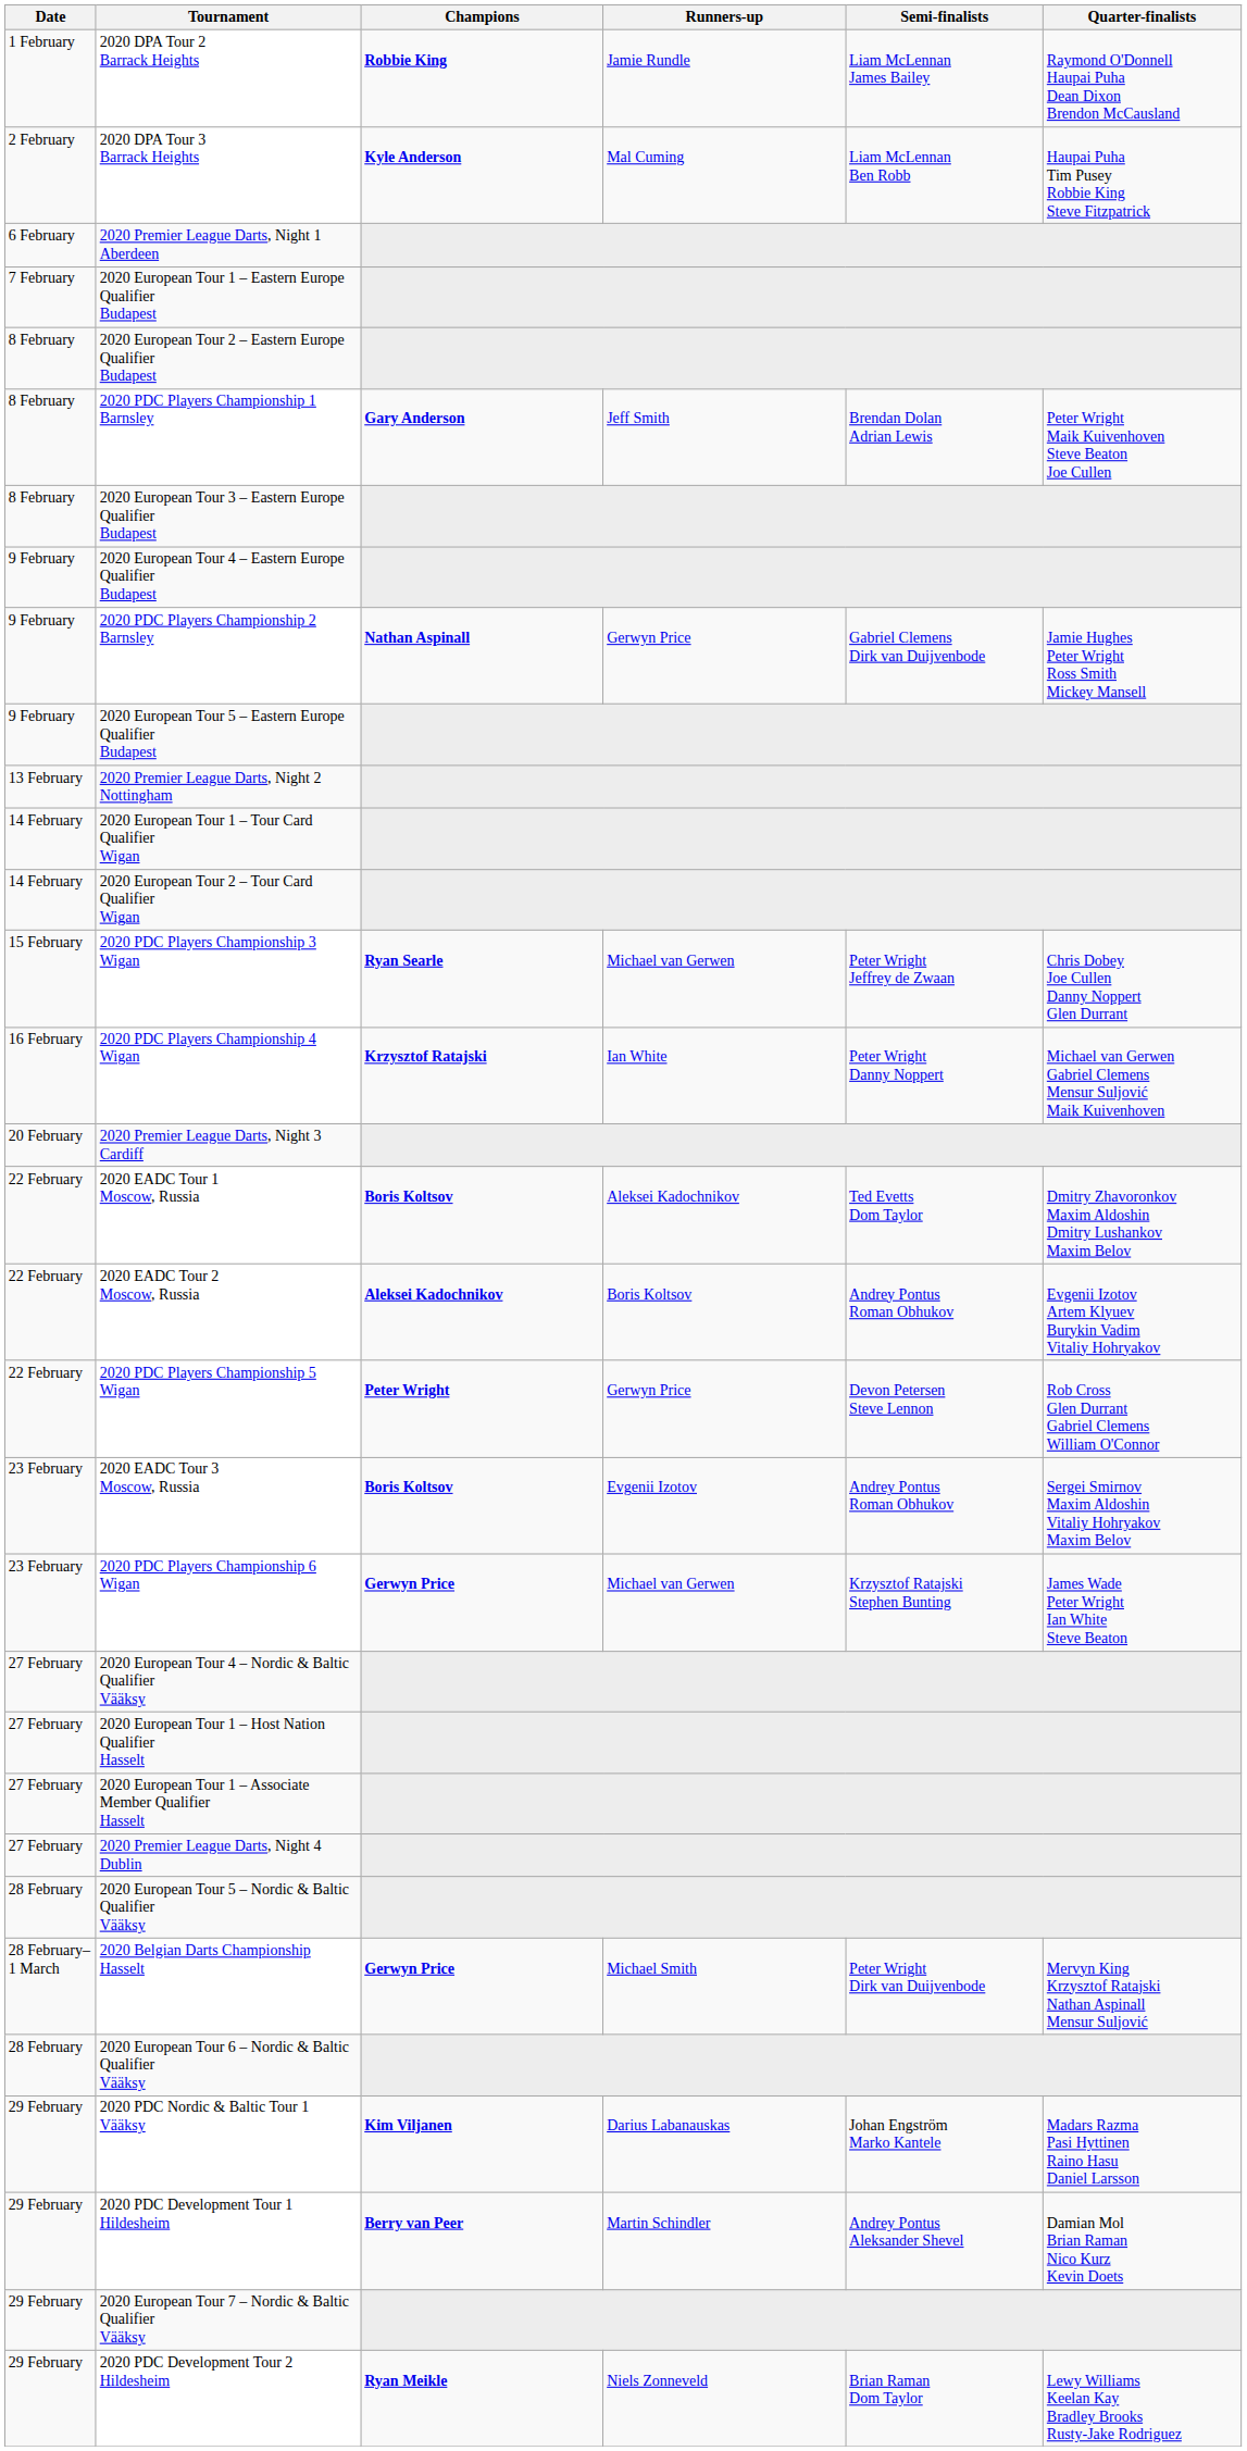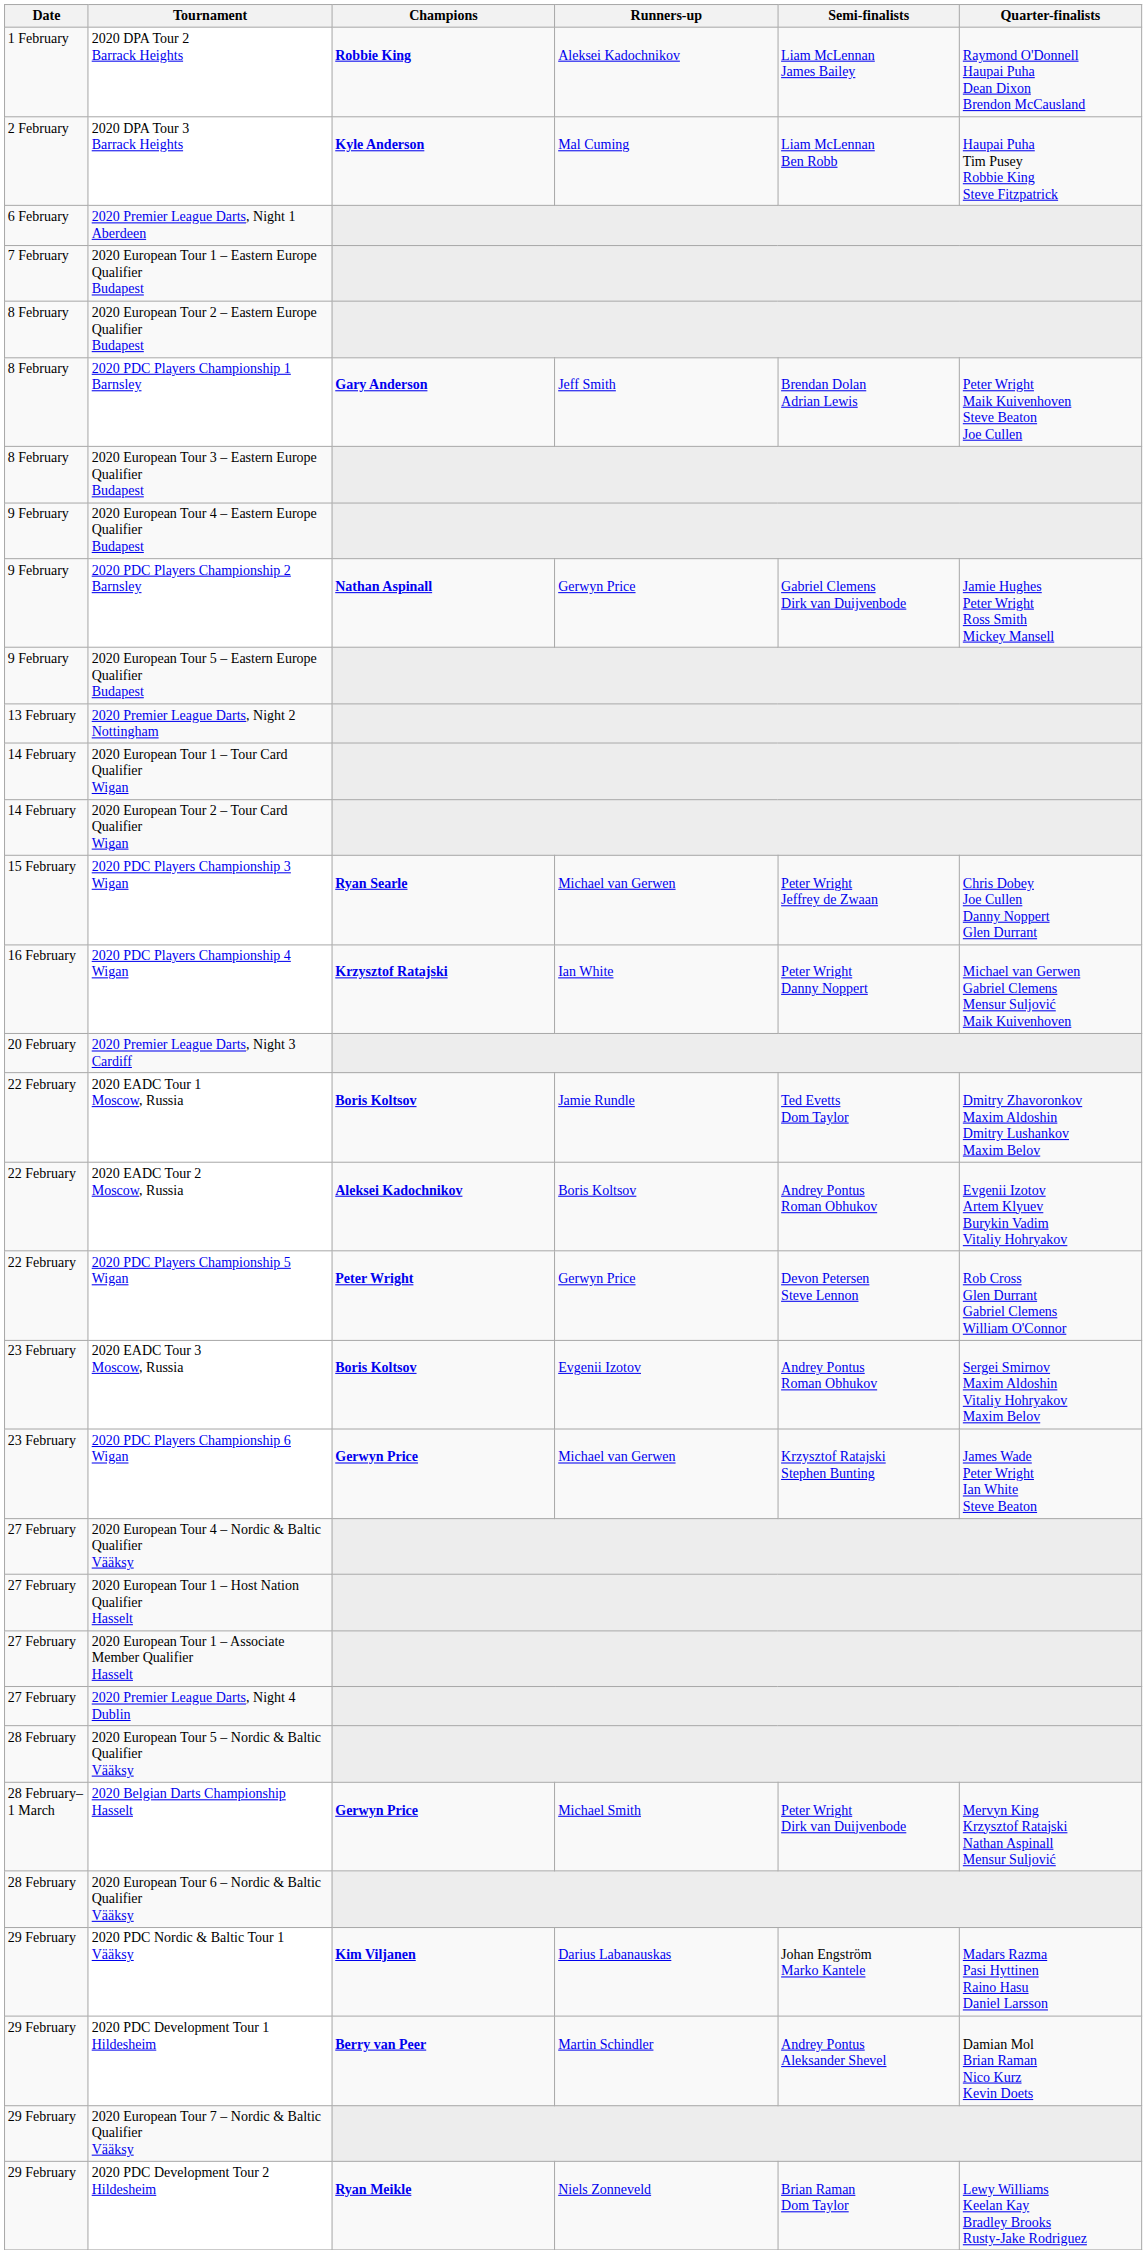 <table class=wikitable style=font-size:85%>
 <tr>
 <th width=75>Date</th>
 <th width=230>Tournament</th>
 <th width=210>Champions</th>
 <th width=210>Runners-up</th>
 <th width=170>Semi-finalists</th>
 <th width=170>Quarter-finalists</th>
 </tr>
 <tr valign="top">
 <td>1 February</td>
 <td bgcolor="#ffffff">2020 DPA Tour 2<br> <a href='#'>Barrack Heights</a></td>
 <td><br> <strong><a href='#'>Robbie King</a></strong></td>
-<td><br> <a href='#'>Jamie Rundle</a></td>
+<td><br> <a href='#'>Aleksei Kadochnikov</a></td>
 <td><br> <a href='#'>Liam McLennan</a> <br>  <a href='#'>James Bailey</a></td>
 <td><br> <a href='#'>Raymond O'Donnell</a> <br>  <a href='#'>Haupai Puha</a> <br>  <a href='#'>Dean Dixon</a> <br>  <a href='#'>Brendon McCausland</a></td>
 </tr>
 <tr valign="top">
 <td>2 February</td>
 <td bgcolor="#ffffff">2020 DPA Tour 3<br> <a href='#'>Barrack Heights</a></td>
 <td><br> <strong><a href='#'>Kyle Anderson</a></strong></td>
 <td><br> <a href='#'>Mal Cuming</a></td>
 <td><br> <a href='#'>Liam McLennan</a> <br>  <a href='#'>Ben Robb</a></td>
 <td><br> <a href='#'>Haupai Puha</a> <br>  Tim Pusey <br>  <a href='#'>Robbie King</a> <br>  <a href='#'>Steve Fitzpatrick</a></td>
 </tr>
 <tr valign="top">
 <td rowspan=1>6 February</td>
 <td><a href='#'>2020 Premier League Darts</a>, Night 1 <br> <a href='#'>Aberdeen</a></td>
 <td colspan=4 bgcolor="#ededed"></td>
 </tr>
 <tr valign="top">
 <td rowspan=1>7 February</td>
 <td>2020 European Tour 1 – Eastern Europe Qualifier <br> <a href='#'>Budapest</a></td>
 <td colspan=4 bgcolor="#ededed"></td>
 </tr>
 <tr valign="top">
 <td rowspan=1>8 February</td>
 <td>2020 European Tour 2 – Eastern Europe Qualifier <br> <a href='#'>Budapest</a></td>
 <td colspan=4 bgcolor="#ededed"></td>
 </tr>
 <tr valign="top">
 <td>8 February</td>
 <td bgcolor="#ffffff"><a href='#'>2020 PDC Players Championship 1</a><br> <a href='#'>Barnsley</a></td>
 <td><br> <strong><a href='#'>Gary Anderson</a></strong></td>
 <td><br> <a href='#'>Jeff Smith</a></td>
 <td><br> <a href='#'>Brendan Dolan</a> <br>  <a href='#'>Adrian Lewis</a></td>
 <td><br> <a href='#'>Peter Wright</a> <br>  <a href='#'>Maik Kuivenhoven</a> <br>  <a href='#'>Steve Beaton</a> <br>  <a href='#'>Joe Cullen</a></td>
 </tr>
 <tr valign="top">
 <td rowspan=1>8 February</td>
 <td>2020 European Tour 3 – Eastern Europe Qualifier <br> <a href='#'>Budapest</a></td>
 <td colspan=4 bgcolor="#ededed"></td>
 </tr>
 <tr valign="top">
 <td rowspan=1>9 February</td>
 <td>2020 European Tour 4 – Eastern Europe Qualifier <br> <a href='#'>Budapest</a></td>
 <td colspan=4 bgcolor="#ededed"></td>
 </tr>
 <tr valign="top">
 <td>9 February</td>
 <td bgcolor="#ffffff"><a href='#'>2020 PDC Players Championship 2</a><br> <a href='#'>Barnsley</a></td>
 <td><br> <strong><a href='#'>Nathan Aspinall</a></strong></td>
 <td><br> <a href='#'>Gerwyn Price</a></td>
 <td><br> <a href='#'>Gabriel Clemens</a> <br>  <a href='#'>Dirk van Duijvenbode</a></td>
 <td><br> <a href='#'>Jamie Hughes</a> <br>  <a href='#'>Peter Wright</a> <br>  <a href='#'>Ross Smith</a> <br>  <a href='#'>Mickey Mansell</a></td>
 </tr>
 <tr valign="top">
 <td rowspan=1>9 February</td>
 <td>2020 European Tour 5 – Eastern Europe Qualifier <br> <a href='#'>Budapest</a></td>
 <td colspan=4 bgcolor="#ededed"></td>
 </tr>
 <tr valign="top">
 <td rowspan=1>13 February</td>
 <td><a href='#'>2020 Premier League Darts</a>, Night 2 <br> <a href='#'>Nottingham</a></td>
 <td colspan=4 bgcolor="#ededed"></td>
 </tr>
 <tr valign="top">
 <td rowspan=1>14 February</td>
 <td>2020 European Tour 1 – Tour Card Qualifier <br> <a href='#'>Wigan</a></td>
 <td colspan=4 bgcolor="#ededed"></td>
 </tr>
 <tr valign="top">
 <td rowspan=1>14 February</td>
 <td>2020 European Tour 2 – Tour Card Qualifier <br> <a href='#'>Wigan</a></td>
 <td colspan=4 bgcolor="#ededed"></td>
 </tr>
 <tr valign="top">
 <td>15 February</td>
 <td bgcolor="#ffffff"><a href='#'>2020 PDC Players Championship 3</a><br> <a href='#'>Wigan</a></td>
 <td><br> <strong><a href='#'>Ryan Searle</a></strong></td>
 <td><br> <a href='#'>Michael van Gerwen</a></td>
 <td><br> <a href='#'>Peter Wright</a> <br>  <a href='#'>Jeffrey de Zwaan</a></td>
 <td><br> <a href='#'>Chris Dobey</a> <br>  <a href='#'>Joe Cullen</a> <br>  <a href='#'>Danny Noppert</a> <br>  <a href='#'>Glen Durrant</a></td>
 </tr>
 <tr valign="top">
 <td>16 February</td>
 <td bgcolor="#ffffff"><a href='#'>2020 PDC Players Championship 4</a><br> <a href='#'>Wigan</a></td>
 <td><br> <strong><a href='#'>Krzysztof Ratajski</a></strong></td>
 <td><br> <a href='#'>Ian White</a></td>
 <td><br> <a href='#'>Peter Wright</a> <br>  <a href='#'>Danny Noppert</a></td>
 <td><br> <a href='#'>Michael van Gerwen</a> <br>  <a href='#'>Gabriel Clemens</a> <br>  <a href='#'>Mensur Suljović</a> <br>  <a href='#'>Maik Kuivenhoven</a></td>
 </tr>
 <tr valign="top">
 <td rowspan=1>20 February</td>
 <td><a href='#'>2020 Premier League Darts</a>, Night 3 <br> <a href='#'>Cardiff</a></td>
 <td colspan=4 bgcolor="#ededed"></td>
 </tr>
 <tr valign="top">
 <td>22 February</td>
 <td bgcolor="#ffffff">2020 EADC Tour 1<br><a href='#'>Moscow</a>, Russia</td>
 <td><br> <strong><a href='#'>Boris Koltsov</a></strong></td>
-<td><br> <a href='#'>Aleksei Kadochnikov</a></td>
+<td><br> <a href='#'>Jamie Rundle</a></td>
 <td><br> <a href='#'>Ted Evetts</a> <br>  <a href='#'>Dom Taylor</a></td>
 <td><br> <a href='#'>Dmitry Zhavoronkov</a> <br>  <a href='#'>Maxim Aldoshin</a> <br>  <a href='#'>Dmitry Lushankov</a> <br>  <a href='#'>Maxim Belov</a></td>
 </tr>
 <tr valign="top">
 <td>22 February</td>
 <td bgcolor="#ffffff">2020 EADC Tour 2<br><a href='#'>Moscow</a>, Russia</td>
 <td><br> <strong><a href='#'>Aleksei Kadochnikov</a></strong></td>
 <td><br> <a href='#'>Boris Koltsov</a></td>
 <td><br> <a href='#'>Andrey Pontus</a> <br>  <a href='#'>Roman Obhukov</a></td>
 <td><br> <a href='#'>Evgenii Izotov</a> <br>  <a href='#'>Artem Klyuev</a> <br>  <a href='#'>Burykin Vadim</a> <br>  <a href='#'>Vitaliy Hohryakov</a></td>
 </tr>
 <tr valign="top">
 <td>22 February</td>
 <td bgcolor="#ffffff"><a href='#'>2020 PDC Players Championship 5</a><br> <a href='#'>Wigan</a></td>
 <td><br> <strong><a href='#'>Peter Wright</a></strong></td>
 <td><br> <a href='#'>Gerwyn Price</a></td>
 <td><br> <a href='#'>Devon Petersen</a> <br>  <a href='#'>Steve Lennon</a></td>
 <td><br> <a href='#'>Rob Cross</a> <br>  <a href='#'>Glen Durrant</a> <br>  <a href='#'>Gabriel Clemens</a> <br>  <a href='#'>William O'Connor</a></td>
 </tr>
 <tr valign="top">
 <td>23 February</td>
 <td bgcolor="#ffffff">2020 EADC Tour 3<br><a href='#'>Moscow</a>, Russia</td>
 <td><br> <strong><a href='#'>Boris Koltsov</a></strong></td>
 <td><br> <a href='#'>Evgenii Izotov</a></td>
 <td><br> <a href='#'>Andrey Pontus</a> <br>  <a href='#'>Roman Obhukov</a></td>
 <td><br> <a href='#'>Sergei Smirnov</a> <br>  <a href='#'>Maxim Aldoshin</a> <br>  <a href='#'>Vitaliy Hohryakov</a> <br>  <a href='#'>Maxim Belov</a></td>
 </tr>
 <tr valign="top">
 <td>23 February</td>
 <td bgcolor="#ffffff"><a href='#'>2020 PDC Players Championship 6</a><br> <a href='#'>Wigan</a></td>
 <td><br> <strong><a href='#'>Gerwyn Price</a></strong></td>
 <td><br> <a href='#'>Michael van Gerwen</a></td>
 <td><br> <a href='#'>Krzysztof Ratajski</a> <br>  <a href='#'>Stephen Bunting</a></td>
 <td><br> <a href='#'>James Wade</a> <br>  <a href='#'>Peter Wright</a> <br>  <a href='#'>Ian White</a> <br>  <a href='#'>Steve Beaton</a></td>
 </tr>
 <tr valign="top">
 <td rowspan=1>27 February</td>
 <td>2020 European Tour 4 – Nordic & Baltic Qualifier <br> <a href='#'>Vääksy</a></td>
 <td colspan=4 bgcolor="#ededed"></td>
 </tr>
 <tr valign="top">
 <td rowspan=1>27 February</td>
 <td>2020 European Tour 1 – Host Nation Qualifier <br> <a href='#'>Hasselt</a></td>
 <td colspan=4 bgcolor="#ededed"></td>
 </tr>
 <tr valign="top">
 <td rowspan=1>27 February</td>
 <td>2020 European Tour 1 – Associate Member Qualifier <br> <a href='#'>Hasselt</a></td>
 <td colspan=4 bgcolor="#ededed"></td>
 </tr>
 <tr valign="top">
 <td rowspan=1>27 February</td>
 <td><a href='#'>2020 Premier League Darts</a>, Night 4 <br> <a href='#'>Dublin</a></td>
 <td colspan=4 bgcolor="#ededed"></td>
 </tr>
 <tr valign="top">
 <td rowspan=1>28 February</td>
 <td>2020 European Tour 5 – Nordic & Baltic Qualifier <br> <a href='#'>Vääksy</a></td>
 <td colspan=4 bgcolor="#ededed"></td>
 </tr>
 <tr valign="top">
 <td>28 February–1 March</td>
 <td bgcolor="#ffffff"><a href='#'>2020 Belgian Darts Championship</a><br> <a href='#'>Hasselt</a></td>
 <td><br> <strong><a href='#'>Gerwyn Price</a></strong></td>
 <td><br> <a href='#'>Michael Smith</a></td>
 <td><br> <a href='#'>Peter Wright</a> <br>  <a href='#'>Dirk van Duijvenbode</a></td>
 <td><br> <a href='#'>Mervyn King</a> <br>  <a href='#'>Krzysztof Ratajski</a> <br>  <a href='#'>Nathan Aspinall</a> <br>  <a href='#'>Mensur Suljović</a></td>
 </tr>
 <tr valign="top">
 <td rowspan=1>28 February</td>
 <td>2020 European Tour 6 – Nordic & Baltic Qualifier <br> <a href='#'>Vääksy</a></td>
 <td colspan=4 bgcolor="#ededed"></td>
 </tr>
 <tr valign="top">
 <td>29 February</td>
 <td bgcolor="#ffffff">2020 PDC Nordic & Baltic Tour 1<br> <a href='#'>Vääksy</a></td>
 <td><br> <strong><a href='#'>Kim Viljanen</a></strong></td>
 <td><br> <a href='#'>Darius Labanauskas</a></td>
 <td><br> Johan Engström <br>  <a href='#'>Marko Kantele</a></td>
 <td><br> <a href='#'>Madars Razma</a> <br>  <a href='#'>Pasi Hyttinen</a> <br>  <a href='#'>Raino Hasu</a> <br>  <a href='#'>Daniel Larsson</a></td>
 </tr>
 <tr valign="top">
 <td>29 February</td>
 <td bgcolor="#ffffff">2020 PDC Development Tour 1<br> <a href='#'>Hildesheim</a></td>
 <td><br> <strong><a href='#'>Berry van Peer</a></strong></td>
 <td><br> <a href='#'>Martin Schindler</a></td>
 <td><br> <a href='#'>Andrey Pontus</a> <br>  <a href='#'>Aleksander Shevel</a></td>
 <td><br> Damian Mol <br>  <a href='#'>Brian Raman</a> <br>  <a href='#'>Nico Kurz</a> <br>  <a href='#'>Kevin Doets</a></td>
 </tr>
 <tr valign="top">
 <td rowspan=1>29 February</td>
 <td>2020 European Tour 7 – Nordic & Baltic Qualifier <br> <a href='#'>Vääksy</a></td>
 <td colspan=4 bgcolor="#ededed"></td>
 </tr>
 <tr valign="top">
 <td>29 February</td>
 <td bgcolor="#ffffff">2020 PDC Development Tour 2<br> <a href='#'>Hildesheim</a></td>
 <td><br> <strong><a href='#'>Ryan Meikle</a></strong></td>
 <td><br> <a href='#'>Niels Zonneveld</a></td>
 <td><br> <a href='#'>Brian Raman</a> <br>  <a href='#'>Dom Taylor</a></td>
 <td><br> <a href='#'>Lewy Williams</a> <br>  <a href='#'>Keelan Kay</a> <br>  <a href='#'>Bradley Brooks</a> <br>  <a href='#'>Rusty-Jake Rodriguez</a></td>
 </tr>
 </table>
